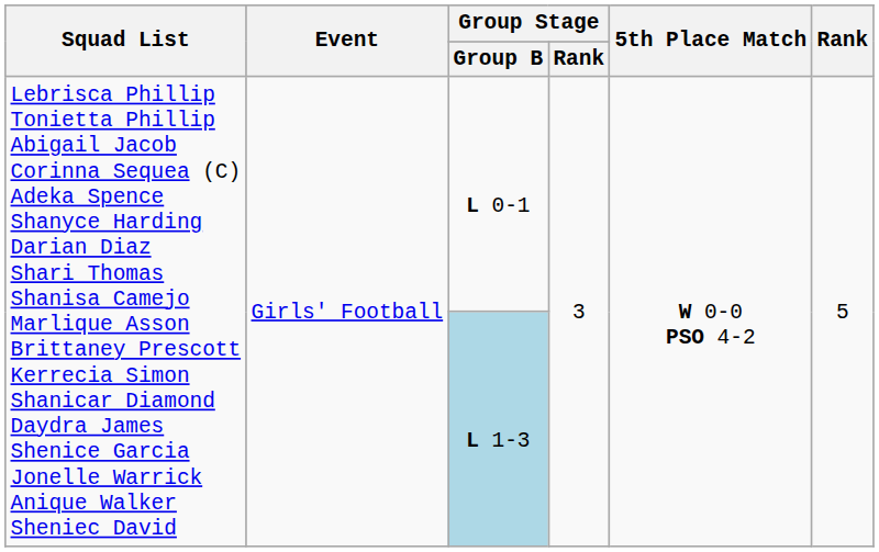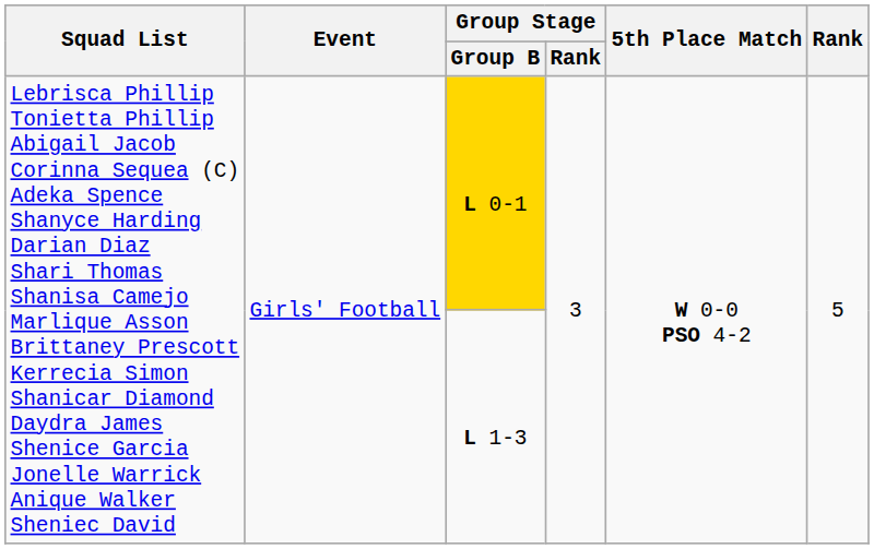 <table class=wikitable style="font-size:90%">
 <tr>
 <th rowspan=2>Squad List</th>
 <th rowspan=2>Event</th>
 <th colspan=2>Group Stage</th>
 <th rowspan=2>5th Place Match</th>
 <th rowspan=2>Rank</th>
 </tr>
 <tr>
 <th>Group B</th>
 <th>Rank</th>
 </tr>
 <tr>
 <td rowspan=2><a href='#'>Lebrisca Phillip</a><br><a href='#'>Tonietta Phillip</a><br><a href='#'>Abigail Jacob</a><br><a href='#'>Corinna Sequea</a> (C)<br><a href='#'>Adeka Spence</a><br><a href='#'>Shanyce Harding</a><br><a href='#'>Darian Diaz</a><br><a href='#'>Shari Thomas</a><br><a href='#'>Shanisa Camejo</a><br><a href='#'>Marlique Asson</a><br><a href='#'>Brittaney Prescott</a><br><a href='#'>Kerrecia Simon</a><br><a href='#'>Shanicar Diamond</a><br><a href='#'>Daydra James</a><br><a href='#'>Shenice Garcia</a><br><a href='#'>Jonelle Warrick</a><br><a href='#'>Anique Walker</a><br><a href='#'>Sheniec David</a></td>
 <td rowspan=2><a href='#'>Girls' Football</a></td>
-<td align=center><br> <strong>L</strong> 0-1</td>
+<td align=center style="background: gold;"><br> <strong>L</strong> 0-1</td>
 <td rowspan=2 align=center>3</td>
 <td rowspan=2 align=center><br> <strong>W</strong> 0-0<br> <strong>PSO</strong> 4-2</td>
 <td rowspan=2 align=center>5</td>
 </tr>
 <tr>
-<td align=center style="background: lightblue;"><br> <strong>L</strong> 1-3</td>
+<td align=center><br> <strong>L</strong> 1-3</td>
 </tr>
 </table>
